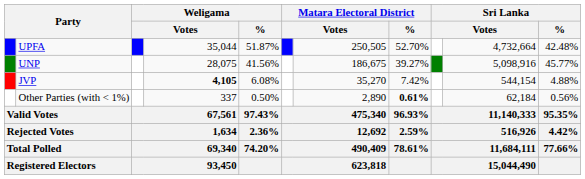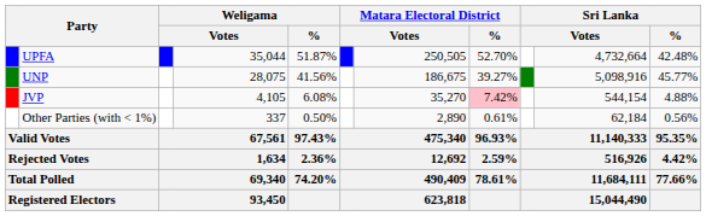 <table class="wikitable">
 <tr>
 <th colspan="2" width="144px"rowspan="2">Party</th>
 <th colspan="3" width="216px">Weligama</th>
 <th colspan="3" width="216px"><a href='#'>Matara Electoral District</a></th>
 <th colspan="3" width="216px">Sri Lanka</th>
 </tr>
 <tr>
 <th colspan="2" width="144px">Votes</th>
 <th>%</th>
 <th colspan="2" width="144px">Votes</th>
 <th>%</th>
 <th colspan="2" width="144px">Votes</th>
 <th>%</th>
 </tr>
 <tr>
 <td style="background-color:blue;" width="10px"></td>
 <td style="text-align:left;"><a href='#'>UPFA</a></td>
 <td style="background-color:blue;" width="10px"></td>
 <td style="text-align:right;">35,044</td>
 <td style="text-align:right;">51.87%</td>
 <td style="background-color:blue;" width="10px"></td>
 <td style="text-align:right;">250,505</td>
 <td style="text-align:right;">52.70%</td>
 <td style="background-color:white;" width="10px"></td>
 <td style="text-align:right;">4,732,664</td>
 <td style="text-align:right;">42.48%</td>
 </tr>
 <tr>
 <td style="background-color:green;" width="10px"></td>
 <td style="text-align:left;"><a href='#'>UNP</a></td>
 <td style="background-color:white;" width="10px"></td>
 <td style="text-align:right;">28,075</td>
 <td style="text-align:right;">41.56%</td>
 <td style="background-color:white;" width="10px"></td>
 <td style="text-align:right;">186,675</td>
 <td style="text-align:right;">39.27%</td>
 <td style="background-color:green;" width="10px"></td>
 <td style="text-align:right;">5,098,916</td>
 <td style="text-align:right;">45.77%</td>
 </tr>
 <tr>
 <td style="background-color:red;" width="10px"></td>
 <td style="text-align:left;"><a href='#'>JVP</a></td>
 <td style="background-color:white;" width="10px"></td>
-<td style="text-align:right;"><strong>4,105</strong></td>
+<td style="text-align:right;">4,105</td>
 <td style="text-align:right;">6.08%</td>
 <td style="background-color:white;" width="10px"></td>
 <td style="text-align:right;">35,270</td>
-<td style="text-align:right;">7.42%</td>
+<td style="background: pink; text-align:right;">7.42%</td>
 <td style="background-color:white;" width="10px"></td>
 <td style="text-align:right;">544,154</td>
 <td style="text-align:right;">4.88%</td>
 </tr>
 <tr>
 <td style="background-color:white;" width="10px"></td>
 <td style="text-align:left;">Other Parties (with < 1%)</td>
 <td style="background-color:white;" width="10px"></td>
 <td style="text-align:right;">337</td>
 <td style="text-align:right;">0.50%</td>
 <td style="background-color:white;" width="10px"></td>
 <td style="text-align:right;">2,890</td>
-<td style="text-align:right;"><strong>0.61%</strong></td>
+<td style="text-align:right;">0.61%</td>
 <td style="background-color:white;" width="10px"></td>
 <td style="text-align:right;">62,184</td>
 <td style="text-align:right;">0.56%</td>
 </tr>
 <tr>
 <th colspan="2" width="144px"style="text-align:left;">Valid Votes</th>
 <th style="text-align:right;"colspan="2" width="144px">67,561</th>
 <th style="text-align:right;">97.43%</th>
 <th style="text-align:right;"colspan="2" width="144px">475,340</th>
 <th style="text-align:right;">96.93%</th>
 <th style="text-align:right;"colspan="2" width="144px">11,140,333</th>
 <th style="text-align:right;">95.35%</th>
 </tr>
 <tr>
 <th colspan="2" width="144px"style="text-align:left;">Rejected Votes</th>
 <th style="text-align:right;"colspan="2" width="144px">1,634</th>
 <th style="text-align:right;">2.36%</th>
 <th style="text-align:right;"colspan="2" width="144px">12,692</th>
 <th style="text-align:right;">2.59%</th>
 <th style="text-align:right;"colspan="2" width="144px">516,926</th>
 <th style="text-align:right;">4.42%</th>
 </tr>
 <tr>
 <th colspan="2" width="144px"style="text-align:left;">Total Polled</th>
 <th style="text-align:right;"colspan="2" width="144px">69,340</th>
 <th style="text-align:right;">74.20%</th>
 <th style="text-align:right;"colspan="2" width="144px">490,409</th>
 <th style="text-align:right;">78.61%</th>
 <th style="text-align:right;"colspan="2" width="144px">11,684,111</th>
 <th style="text-align:right;">77.66%</th>
 </tr>
 <tr>
 <th colspan="2" width="144px"style="text-align:left;">Registered Electors</th>
 <th style="text-align:right;"colspan="2" width="144px">93,450</th>
 <th></th>
 <th style="text-align:right;"colspan="2" width="144px">623,818</th>
 <th></th>
 <th style="text-align:right;"colspan="2" width="144px">15,044,490</th>
 <th></th>
 </tr>
 </table>
